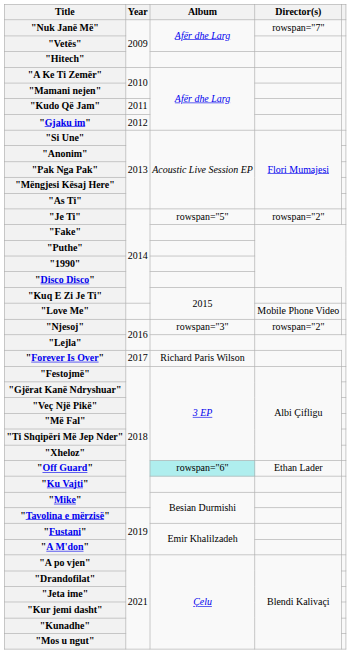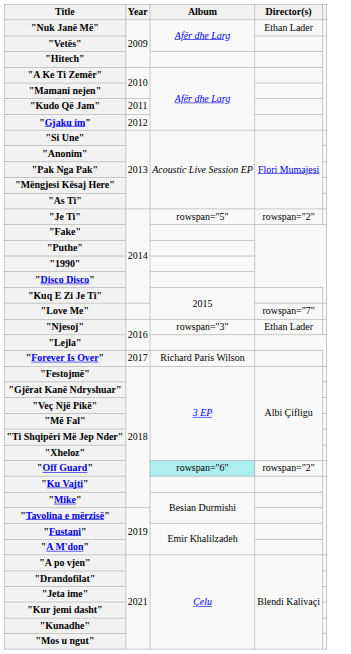 <table class="wikitable plainrowheaders" style="text-align:center;">
 <tr>
 <th scope="col">Title</th>
 <th scope="col">Year</th>
 <th scope="col">Album</th>
 <th scope="col">Director(s)</th>
 <th scope="col"></th>
 </tr>
 <tr>
 <th scope="row">"Nuk Janë Më"</th>
 <td rowspan="3">2009</td>
 <td rowspan="2"><em><a href='#'>Afër dhe Larg</a></em></td>
-<td>rowspan="7" </td>
+<td>Ethan Lader</td>
 <td></td>
 </tr>
 <tr>
 <th scope="row">"Vetës"</th>
 <td></td>
 </tr>
 <tr>
 <th scope="row">"Hitech"</th>
 <td></td>
 <td></td>
 </tr>
 <tr>
 <th scope="row">"A Ke Ti Zemër"</th>
 <td rowspan="2">2010</td>
 <td rowspan="4"><em><a href='#'>Afër dhe Larg</a></em></td>
 <td></td>
 </tr>
 <tr>
 <th scope="row">"Mamani nejen"<br></th>
 <td></td>
 </tr>
 <tr>
 <th scope="row">"Kudo Që Jam"</th>
 <td>2011</td>
 <td></td>
 </tr>
 <tr>
 <th scope="row">"<a href='#'>Gjaku im</a>"</th>
 <td>2012</td>
 <td></td>
 </tr>
 <tr>
 <th scope="row">"Si Une"</th>
 <td rowspan="5">2013</td>
 <td rowspan="5"><em>Acoustic Live Session EP</em></td>
 <td rowspan="5"><a href='#'>Flori Mumajesi</a></td>
 <td></td>
 </tr>
 <tr>
 <th scope="row">"Anonim"</th>
 <td></td>
 </tr>
 <tr>
 <th scope="row">"Pak Nga Pak"</th>
 <td></td>
 </tr>
 <tr>
 <th scope="row">"Mëngjesi Kësaj Here"</th>
 <td></td>
 </tr>
 <tr>
 <th scope="row">"As Ti"</th>
 <td></td>
 </tr>
 <tr>
 <th scope="row">"Je Ti"</th>
 <td rowspan="6">2014</td>
 <td>rowspan="5" </td>
 <td>rowspan="2" </td>
 <td></td>
 </tr>
 <tr>
 <th scope="row">"Fake"<br></th>
 <td></td>
 </tr>
 <tr>
 <th scope="row">"Puthe"</th>
 <td></td>
 </tr>
 <tr>
 <th scope="row">"1990"<br></th>
 <td></td>
 </tr>
 <tr>
 <th scope="row">"<a href='#'>Disco Disco</a>"<br></th>
 <td></td>
 </tr>
 <tr>
 <th scope="row">"Kuq E Zi Je Ti"<br></th>
 <td rowspan="2">2015</td>
 <td></td>
 </tr>
 <tr>
 <th scope="row">"Love Me"<br></th>
 <td></td>
-<td>Mobile Phone Video</td>
+<td>rowspan="7" </td>
 <td></td>
 </tr>
 <tr>
 <th scope="row">"Njesoj"</th>
 <td rowspan="2">2016</td>
 <td>rowspan="3" </td>
-<td>rowspan="2" </td>
+<td>Ethan Lader</td>
 <td></td>
 </tr>
 <tr>
 <th scope="row">"Lejla"<br></th>
 <td></td>
 </tr>
 <tr>
 <th scope="row">"<a href='#'>Forever Is Over</a>"</th>
 <td>2017</td>
 <td>Richard Paris Wilson</td>
 <td></td>
 </tr>
 <tr>
 <th scope="row">"Festojmë"</th>
 <td rowspan="9">2018</td>
 <td rowspan="6"><em><a href='#'>3 EP</a></em></td>
 <td rowspan="6">Albi Çifligu</td>
 <td></td>
 </tr>
 <tr>
 <th scope="row">"Gjërat Kanë Ndryshuar"</th>
 <td></td>
 </tr>
 <tr>
 <th scope="row">"Veç Një Pikë"</th>
 <td></td>
 </tr>
 <tr>
 <th scope="row">"Më Fal"</th>
 <td></td>
 </tr>
 <tr>
 <th scope="row">"Ti Shqipëri Më Jep Nder"</th>
 <td></td>
 </tr>
 <tr>
 <th scope="row">"Xheloz"</th>
 <td></td>
 </tr>
 <tr>
 <th scope="row">"<a href='#'>Off Guard</a>"<br></th>
 <td style="background: paleturquoise;">rowspan="6" </td>
-<td>Ethan Lader</td>
+<td>rowspan="2" </td>
 <td></td>
 </tr>
 <tr>
 <th scope="row">"<a href='#'>Ku Vajti</a>"</th>
 <td></td>
 <td></td>
 </tr>
 <tr>
 <th scope="row">"<a href='#'>Mike</a>"<br></th>
 <td rowspan="2">Besian Durmishi</td>
 <td></td>
 </tr>
 <tr>
 <th scope="row">"<a href='#'>Tavolina e mërzisë</a>"</th>
 <td rowspan="3">2019</td>
 <td></td>
 </tr>
 <tr>
 <th scope="row">"<a href='#'>Fustani</a>"<br></th>
 <td rowspan="2">Emir Khalilzadeh</td>
 <td></td>
 </tr>
 <tr>
 <th scope="row">"<a href='#'>A M'don</a>"</th>
 <td></td>
 </tr>
 <tr>
 <th scope="row">"A po vjen"</th>
 <td rowspan="6">2021</td>
 <td rowspan="6"><em><a href='#'>Çelu</a></em></td>
 <td rowspan="6">Blendi Kalivaçi</td>
 <td></td>
 </tr>
 <tr>
 <th scope="row">"Drandofilat"</th>
 <td></td>
 </tr>
 <tr>
 <th scope="row">"Jeta ime"</th>
 <td></td>
 </tr>
 <tr>
 <th scope="row">"Kur jemi dasht"</th>
 <td></td>
 </tr>
 <tr>
 <th scope="row">"Kunadhe"</th>
 <td></td>
 </tr>
 <tr>
 <th scope="row">"Mos u ngut"</th>
 <td></td>
 </tr>
 </table>
